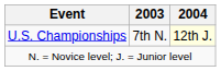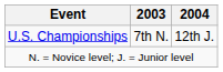 <table class="wikitable" style="text-align:center">
 <tr>
 <th>Event</th>
 <th>2003</th>
 <th>2004</th>
 </tr>
 <tr>
 <td align=left><a href='#'>U.S. Championships</a></td>
 <td>7th N.</td>
-<td style="background: lightyellow;">12th J.</td>
+<td>12th J.</td>
 </tr>
 <tr>
 <td colspan=3 align=center><small> N. = Novice level; J. = Junior level </small></td>
 </tr>
 </table>
